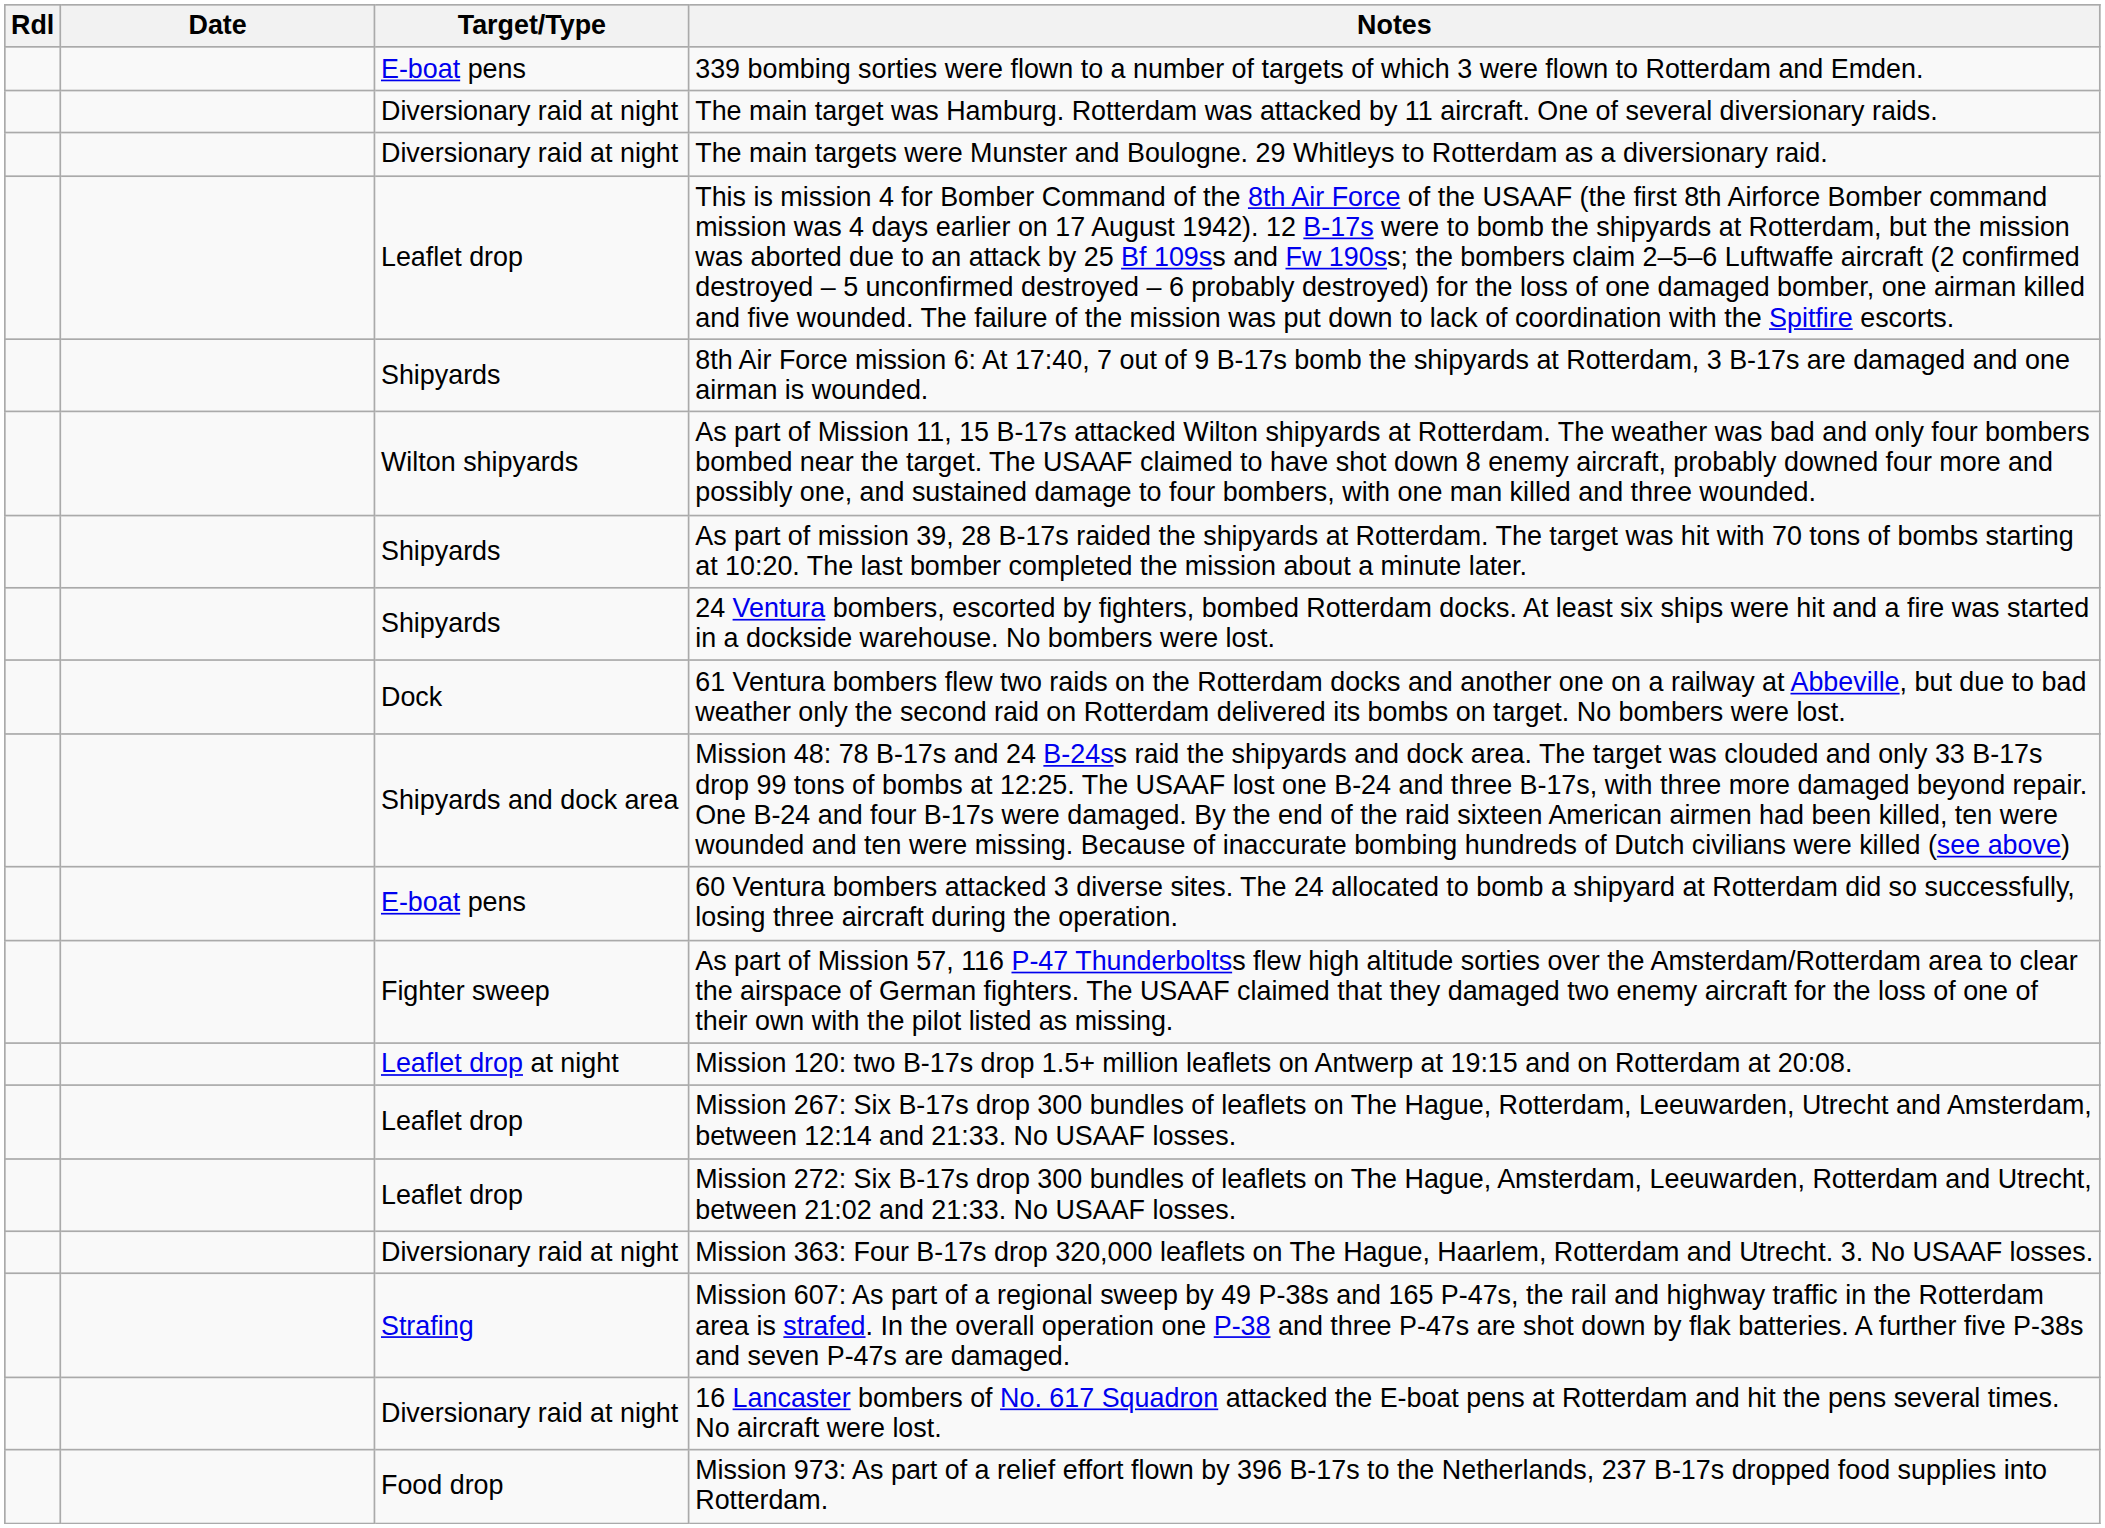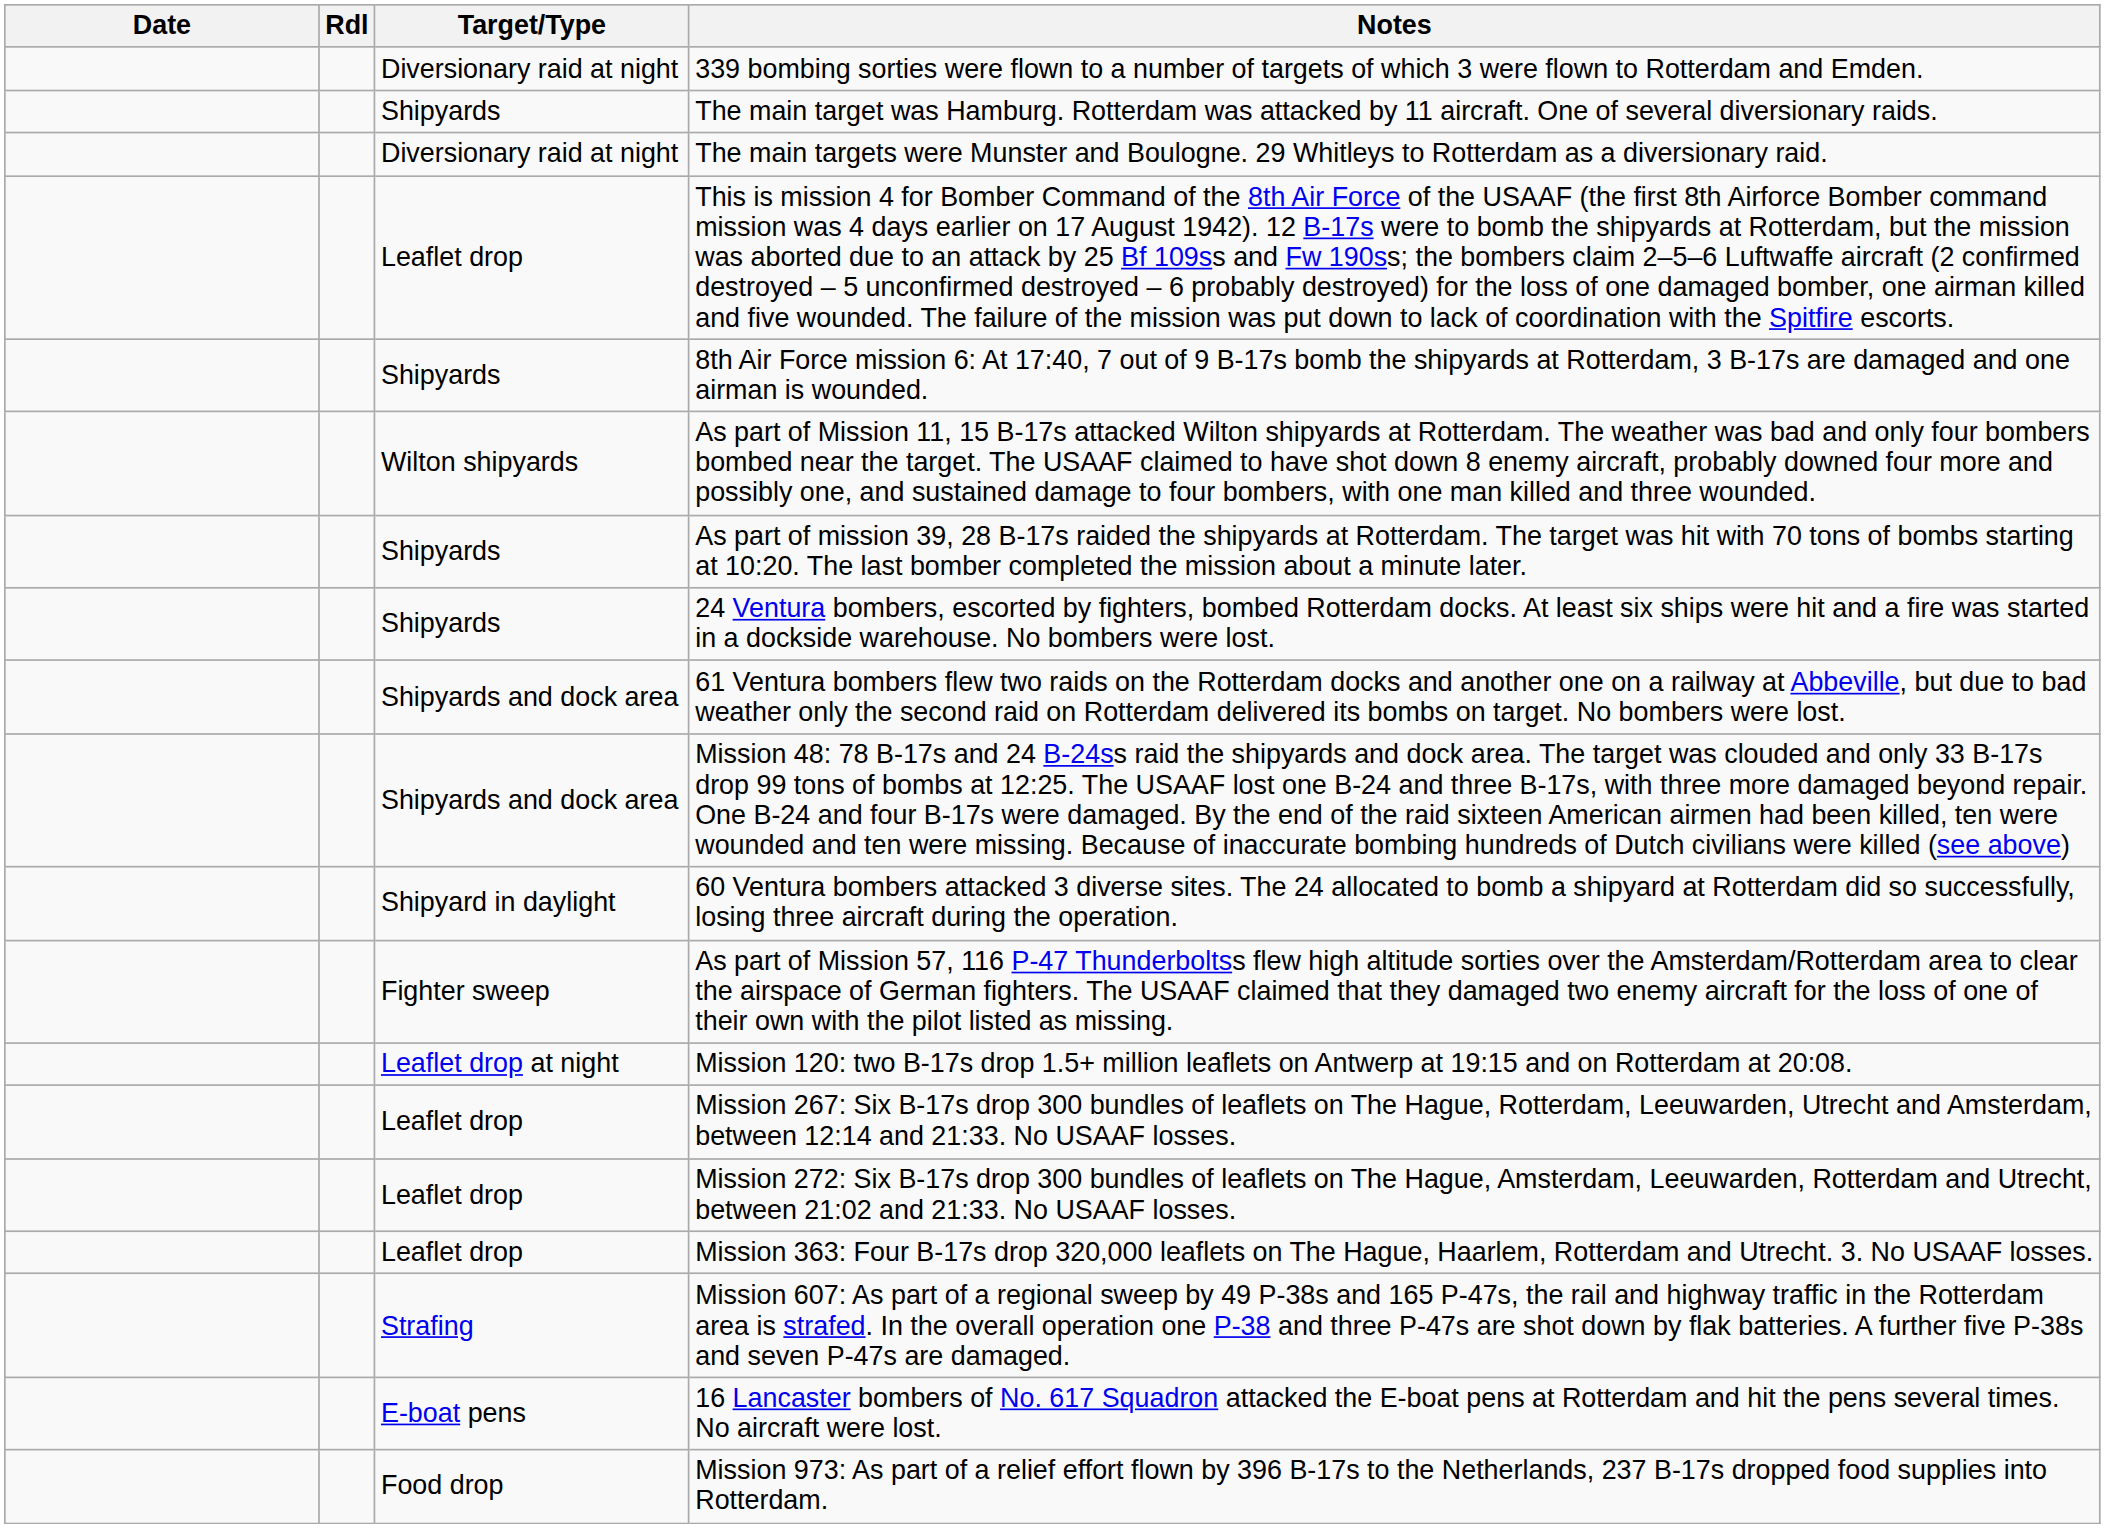 <table class="wikitable sortable">
 <tr>
+<th style=" width:15%;">Date</th>
 <th>Rdl</th>
-<th style=" width:15%;">Date</th>
 <th style=" width:15%;">Target/Type</th>
 <th>Notes</th>
 </tr>
 <tr>
 <td></td>
 <td></td>
-<td><a href='#'>E-boat</a> pens</td>
+<td>Diversionary raid at night</td>
 <td>339 bombing sorties were flown to a number of targets of which 3 were flown to Rotterdam and Emden.</td>
 </tr>
 <tr>
 <td></td>
 <td></td>
-<td>Diversionary raid at night</td>
+<td>Shipyards</td>
 <td>The main target was Hamburg. Rotterdam was attacked by 11 aircraft. One of several diversionary raids.</td>
 </tr>
 <tr>
 <td></td>
 <td></td>
 <td>Diversionary raid at night</td>
 <td>The main targets were Munster and Boulogne. 29 Whitleys to Rotterdam as a diversionary raid.</td>
 </tr>
 <tr>
 <td></td>
 <td></td>
 <td>Leaflet drop</td>
 <td>This is mission 4 for Bomber Command of the <a href='#'>8th Air Force</a> of the USAAF (the first 8th Airforce Bomber command mission was 4 days earlier on 17 August 1942). 12 <a href='#'>B-17s</a> were to bomb the shipyards at Rotterdam, but the mission was aborted due to an attack by 25 <a href='#'>Bf 109s</a>s and <a href='#'>Fw 190s</a>s; the bombers claim 2–5–6 Luftwaffe aircraft (2 confirmed destroyed – 5 unconfirmed destroyed – 6 probably destroyed) for the loss of one damaged bomber, one airman killed and five wounded. The failure of the mission was put down to lack of coordination with the <a href='#'>Spitfire</a> escorts.</td>
 </tr>
 <tr>
 <td></td>
 <td></td>
 <td>Shipyards</td>
 <td>8th Air Force mission 6: At 17:40, 7 out of 9 B-17s bomb the shipyards at Rotterdam, 3 B-17s are damaged and one airman is wounded.</td>
 </tr>
 <tr>
 <td></td>
 <td></td>
 <td>Wilton shipyards</td>
 <td>As part of Mission 11, 15 B-17s attacked Wilton shipyards at Rotterdam. The weather was bad and only four bombers bombed near the target. The USAAF claimed to have shot down 8 enemy aircraft, probably downed four more and possibly one, and sustained damage to four bombers, with one man killed and three wounded. </td>
 </tr>
 <tr>
 <td></td>
 <td></td>
 <td>Shipyards</td>
 <td>As part of mission 39, 28 B-17s raided the shipyards at Rotterdam. The target was hit with 70 tons of bombs starting at 10:20. The last bomber completed the mission about a minute later.</td>
 </tr>
 <tr>
 <td></td>
 <td></td>
 <td>Shipyards</td>
 <td>24 <a href='#'>Ventura</a> bombers, escorted by fighters, bombed Rotterdam docks. At least six ships were hit and a fire was started in a dockside warehouse. No bombers were lost.</td>
 </tr>
 <tr>
 <td></td>
 <td></td>
-<td>Dock</td>
+<td>Shipyards and dock area</td>
 <td>61 Ventura bombers flew two raids on the Rotterdam docks and another one on a railway at <a href='#'>Abbeville</a>, but due to bad weather only the second raid on Rotterdam delivered its bombs on target. No bombers were lost.</td>
 </tr>
 <tr>
 <td></td>
 <td></td>
 <td>Shipyards and dock area</td>
 <td>Mission 48: 78 B-17s and 24 <a href='#'>B-24s</a>s raid the shipyards and dock area.  The target was clouded and only 33 B-17s drop 99 tons of bombs at 12:25. The USAAF lost one B-24 and three B-17s, with three more damaged beyond repair. One B-24 and four B-17s were damaged. By the end of the raid sixteen American airmen had been killed, ten were wounded and ten were missing. Because of inaccurate bombing hundreds of Dutch civilians were killed (<a href='#'>see above</a>)</td>
 </tr>
 <tr>
 <td></td>
 <td></td>
-<td><a href='#'>E-boat</a> pens</td>
+<td>Shipyard in daylight</td>
 <td>60 Ventura bombers attacked 3 diverse sites. The 24 allocated to bomb a shipyard at Rotterdam did so successfully, losing three aircraft during the operation.</td>
 </tr>
 <tr>
 <td></td>
 <td></td>
 <td>Fighter sweep</td>
 <td>As part of Mission 57, 116 <a href='#'>P-47 Thunderbolts</a>s flew high altitude sorties over the Amsterdam/Rotterdam area to clear the airspace of German fighters. The USAAF claimed that they damaged two enemy aircraft for the loss of one of their own with the pilot listed as missing. </td>
 </tr>
 <tr>
 <td></td>
 <td></td>
 <td><a href='#'>Leaflet drop</a> at night</td>
 <td>Mission 120: two B-17s drop 1.5+ million leaflets on Antwerp at 19:15 and on Rotterdam at 20:08.</td>
 </tr>
 <tr>
 <td></td>
 <td></td>
 <td>Leaflet drop</td>
 <td>Mission 267: Six B-17s drop 300 bundles of leaflets on The Hague, Rotterdam, Leeuwarden, Utrecht and Amsterdam, between 12:14 and 21:33. No USAAF losses.</td>
 </tr>
 <tr>
 <td></td>
 <td></td>
 <td>Leaflet drop</td>
 <td>Mission 272: Six B-17s drop 300 bundles of leaflets on The Hague, Amsterdam, Leeuwarden, Rotterdam and Utrecht, between 21:02 and 21:33. No USAAF losses.</td>
 </tr>
 <tr>
 <td></td>
 <td></td>
-<td>Diversionary raid at night</td>
+<td>Leaflet drop</td>
 <td>Mission 363: Four B-17s drop 320,000 leaflets on The Hague, Haarlem, Rotterdam and Utrecht. 3. No USAAF losses.</td>
 </tr>
 <tr>
 <td></td>
 <td></td>
 <td><a href='#'>Strafing</a></td>
 <td>Mission 607: As part of a regional sweep by 49 P-38s and 165 P-47s, the rail and highway traffic in the Rotterdam area is <a href='#'>strafed</a>. In the overall operation one <a href='#'>P-38</a> and three P-47s are shot down by flak batteries. A further five P-38s and seven P-47s are damaged.</td>
 </tr>
 <tr>
 <td></td>
 <td></td>
-<td>Diversionary raid at night</td>
+<td><a href='#'>E-boat</a> pens</td>
 <td>16 <a href='#'>Lancaster</a> bombers of <a href='#'>No. 617 Squadron</a> attacked the E-boat pens at Rotterdam and hit the pens several times. No aircraft were lost.</td>
 </tr>
 <tr>
 <td></td>
 <td></td>
 <td>Food drop</td>
 <td>Mission 973: As part of a relief effort flown by 396 B-17s to the Netherlands, 237 B-17s dropped food supplies into Rotterdam.</td>
 </tr>
 </table>
